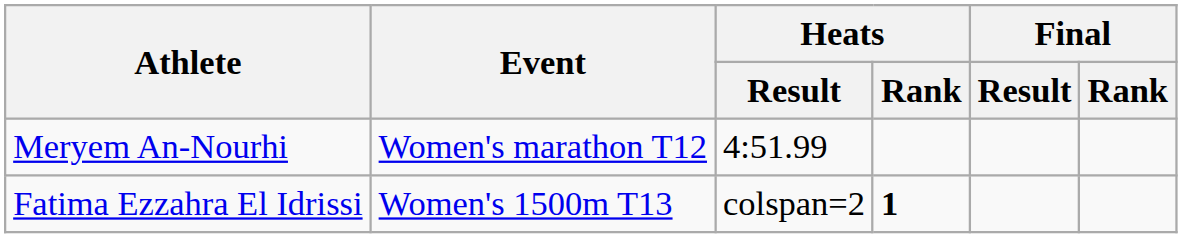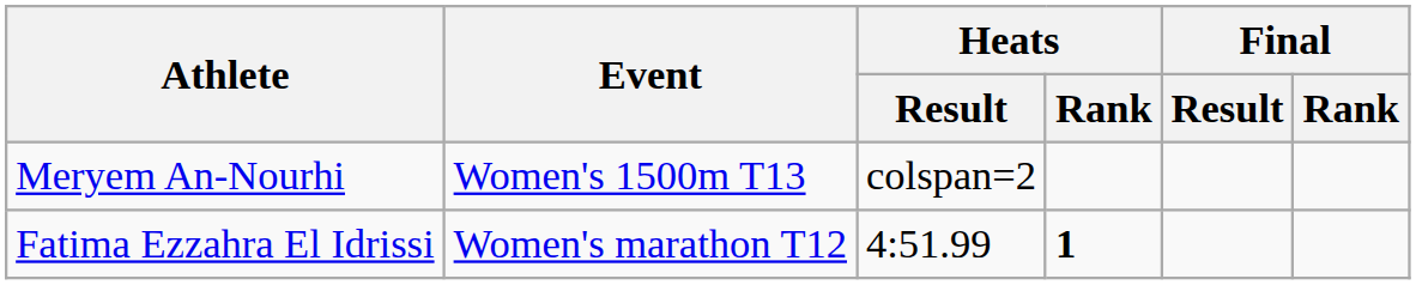 <table class=wikitable style="font-size:95%">
 <tr>
 <th rowspan="2">Athlete</th>
 <th rowspan="2">Event</th>
 <th colspan="2">Heats</th>
 <th colspan="3">Final</th>
 </tr>
 <tr>
 <th>Result</th>
 <th>Rank</th>
 <th>Result</th>
 <th>Rank</th>
 </tr>
 <tr>
 <td><a href='#'>Meryem An-Nourhi</a></td>
-<td><a href='#'>Women's marathon T12</a></td>
-<td>4:51.99 </td>
+<td><a href='#'>Women's 1500m T13</a></td>
+<td>colspan=2 </td>
 <td></td>
 <td></td>
 </tr>
 <tr>
 <td><a href='#'>Fatima Ezzahra El Idrissi</a></td>
-<td><a href='#'>Women's 1500m T13</a></td>
-<td>colspan=2 </td>
+<td><a href='#'>Women's marathon T12</a></td>
+<td>4:51.99 </td>
 <td><strong>1</strong></td>
 <td></td>
 <td></td>
 </tr>
 </table>
